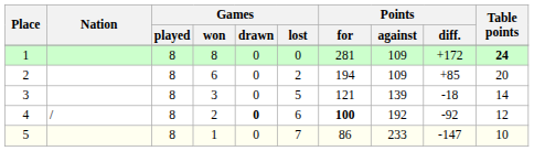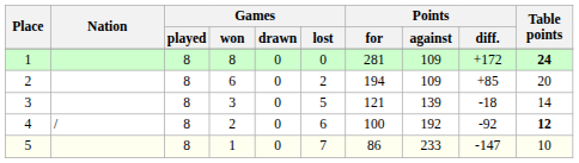 <table class="wikitable">
 <tr>
 <th rowspan=2 width="8%">Place</th>
 <th rowspan=2 width="20%">Nation</th>
 <th colspan=4 width="32%">Games</th>
 <th colspan=3 width="30%">Points</th>
 <th rowspan=2 width="10%">Table<br>points</th>
 </tr>
 <tr>
 <th width="8%">played</th>
 <th width="8%">won</th>
 <th width="8%">drawn</th>
 <th width="8%">lost</th>
 <th width="10%">for</th>
 <th width="10%">against</th>
 <th width="10%">diff.</th>
 </tr>
 <tr>
 </tr>
 <tr bgcolor=#ccffcc align=center>
 <td>1</td>
 <td align=left><strong></strong></td>
 <td>8</td>
 <td>8</td>
 <td>0</td>
 <td>0</td>
 <td>281</td>
 <td>109</td>
 <td>+172</td>
 <td><strong>24</strong></td>
 </tr>
 <tr bgcolor=#ffffff align=center>
 <td>2</td>
 <td align=left></td>
 <td>8</td>
 <td>6</td>
 <td>0</td>
 <td>2</td>
 <td>194</td>
 <td>109</td>
 <td>+85</td>
 <td>20</td>
 </tr>
 <tr bgcolor=#ffffff align=center>
 <td>3</td>
 <td align=left></td>
 <td>8</td>
 <td>3</td>
 <td>0</td>
 <td>5</td>
 <td>121</td>
 <td>139</td>
 <td>-18</td>
 <td>14</td>
 </tr>
 <tr bgcolor=#ffffff align=center>
 <td>4</td>
 <td align=left>/</td>
 <td>8</td>
 <td>2</td>
-<td><strong>0</strong></td>
+<td>0</td>
 <td>6</td>
-<td><strong>100</strong></td>
+<td>100</td>
 <td>192</td>
 <td>-92</td>
-<td>12</td>
+<td><strong>12</strong></td>
 </tr>
 <tr bgcolor=#fffff align=center>
 <td>5</td>
 <td align=left><em></em></td>
 <td>8</td>
 <td>1</td>
 <td>0</td>
 <td>7</td>
 <td>86</td>
 <td>233</td>
 <td>-147</td>
 <td>10</td>
 </tr>
 </table>
